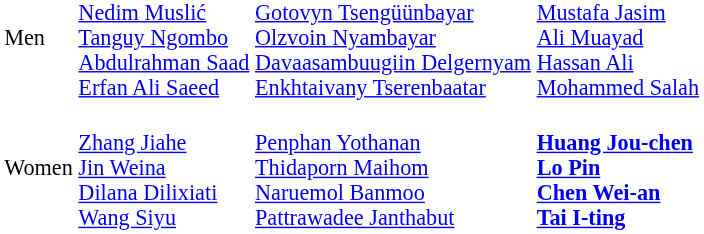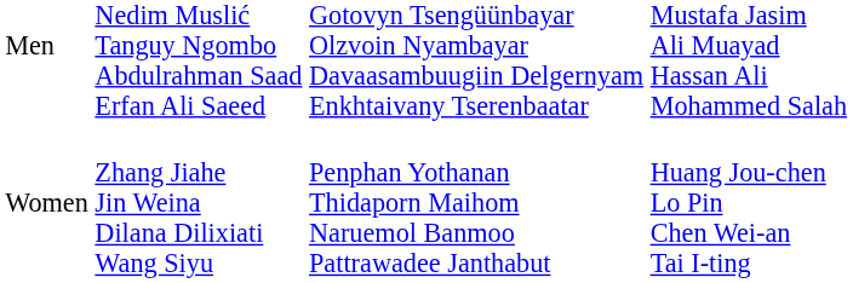 <table>
 <tr>
 <td>Men</td>
 <td><br><a href='#'>Nedim Muslić</a><br><a href='#'>Tanguy Ngombo</a><br><a href='#'>Abdulrahman Saad</a><br><a href='#'>Erfan Ali Saeed</a></td>
 <td><br><a href='#'>Gotovyn Tsengüünbayar</a><br><a href='#'>Olzvoin Nyambayar</a><br><a href='#'>Davaasambuugiin Delgernyam</a><br><a href='#'>Enkhtaivany Tserenbaatar</a></td>
 <td><br><a href='#'>Mustafa Jasim</a><br><a href='#'>Ali Muayad</a><br><a href='#'>Hassan Ali</a><br><a href='#'>Mohammed Salah</a></td>
 </tr>
 <tr>
 <td>Women</td>
 <td><br><a href='#'>Zhang Jiahe</a><br><a href='#'>Jin Weina</a><br><a href='#'>Dilana Dilixiati</a><br><a href='#'>Wang Siyu</a></td>
 <td><br><a href='#'>Penphan Yothanan</a><br><a href='#'>Thidaporn Maihom</a><br><a href='#'>Naruemol Banmoo</a><br><a href='#'>Pattrawadee Janthabut</a></td>
-<td><strong><br><a href='#'>Huang Jou-chen</a><br><a href='#'>Lo Pin</a><br><a href='#'>Chen Wei-an</a><br><a href='#'>Tai I-ting</a></strong></td>
+<td><br><a href='#'>Huang Jou-chen</a><br><a href='#'>Lo Pin</a><br><a href='#'>Chen Wei-an</a><br><a href='#'>Tai I-ting</a></td>
 </tr>
 </table>
